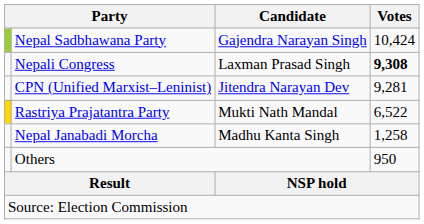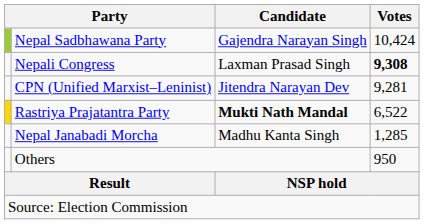 <table class="wikitable">
 <tr>
 <th colspan="2">Party</th>
 <th>Candidate</th>
 <th>Votes</th>
 </tr>
 <tr>
 <td style="background-color:yellowgreen"></td>
 <td><a href='#'>Nepal Sadbhawana Party</a></td>
 <td><a href='#'>Gajendra Narayan Singh</a></td>
 <td>10,424</td>
 </tr>
 <tr>
 <td style="background-color:"></td>
 <td><a href='#'>Nepali Congress</a></td>
 <td>Laxman Prasad Singh</td>
 <td><strong>9,308</strong></td>
 </tr>
 <tr>
 <td style="background-color:"></td>
 <td><a href='#'>CPN (Unified Marxist–Leninist)</a></td>
 <td><a href='#'>Jitendra Narayan Dev</a></td>
 <td>9,281</td>
 </tr>
 <tr>
 <td style="background-color:gold"></td>
 <td><a href='#'>Rastriya Prajatantra Party</a></td>
-<td>Mukti Nath Mandal</td>
+<td><strong>Mukti Nath Mandal</strong></td>
 <td>6,522</td>
 </tr>
 <tr>
 <td></td>
 <td><a href='#'>Nepal Janabadi Morcha</a></td>
 <td>Madhu Kanta Singh</td>
-<td>1,258</td>
+<td>1,285</td>
 </tr>
 <tr>
 <td></td>
 <td colspan="2">Others</td>
 <td>950</td>
 </tr>
 <tr>
 <th colspan="2">Result</th>
 <th colspan="2">NSP hold</th>
 </tr>
 <tr>
 <td colspan="4">Source: Election Commission</td>
 </tr>
 </table>
